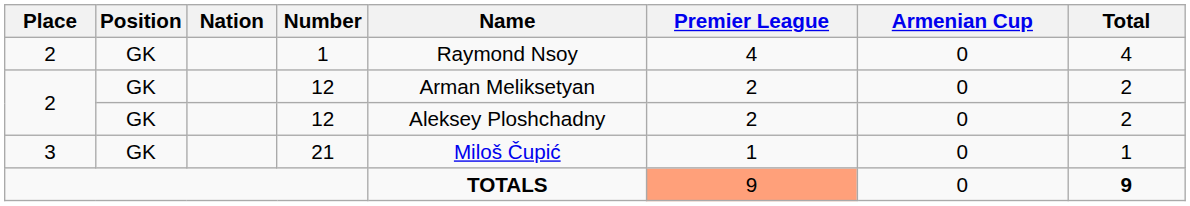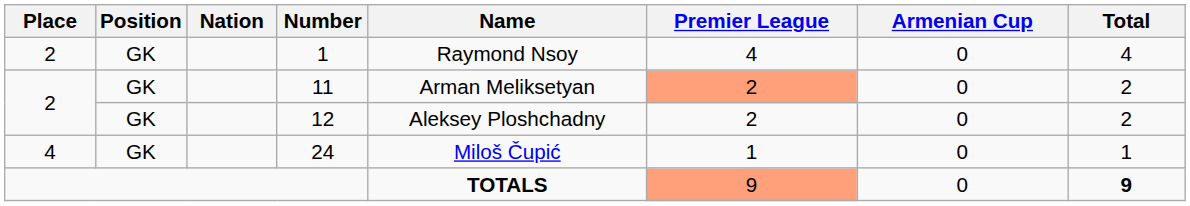 <table class="wikitable" style="font-size: 95%; text-align: center;">
 <tr>
 <th width=60>Place</th>
 <th width=60>Position</th>
 <th width=60>Nation</th>
 <th width=60>Number</th>
 <th width=200>Name</th>
 <th width=150><a href='#'>Premier League</a></th>
 <th width=150><a href='#'>Armenian Cup</a></th>
 <th width=80><strong>Total</strong></th>
 </tr>
 <tr>
 <td>2</td>
 <td>GK</td>
 <td></td>
 <td>1</td>
 <td>Raymond Nsoy</td>
 <td>4</td>
 <td>0</td>
 <td>4</td>
 </tr>
 <tr>
 <td rowspan="2">2</td>
 <td>GK</td>
 <td></td>
-<td>12</td>
+<td>11</td>
 <td>Arman Meliksetyan</td>
-<td>2</td>
+<td style="background: lightsalmon;">2</td>
 <td>0</td>
 <td>2</td>
 </tr>
 <tr>
 <td>GK</td>
 <td></td>
 <td>12</td>
 <td>Aleksey Ploshchadny</td>
 <td>2</td>
 <td>0</td>
 <td>2</td>
 </tr>
 <tr>
-<td>3</td>
+<td>4</td>
 <td>GK</td>
 <td></td>
-<td>21</td>
+<td>24</td>
 <td><a href='#'>Miloš Čupić</a></td>
 <td>1</td>
 <td>0</td>
 <td>1</td>
 </tr>
 <tr>
 <td colspan="4"></td>
 <td><strong>TOTALS</strong></td>
 <td style="background: lightsalmon;">9</td>
 <td>0</td>
 <td><strong>9</strong></td>
 </tr>
 </table>
